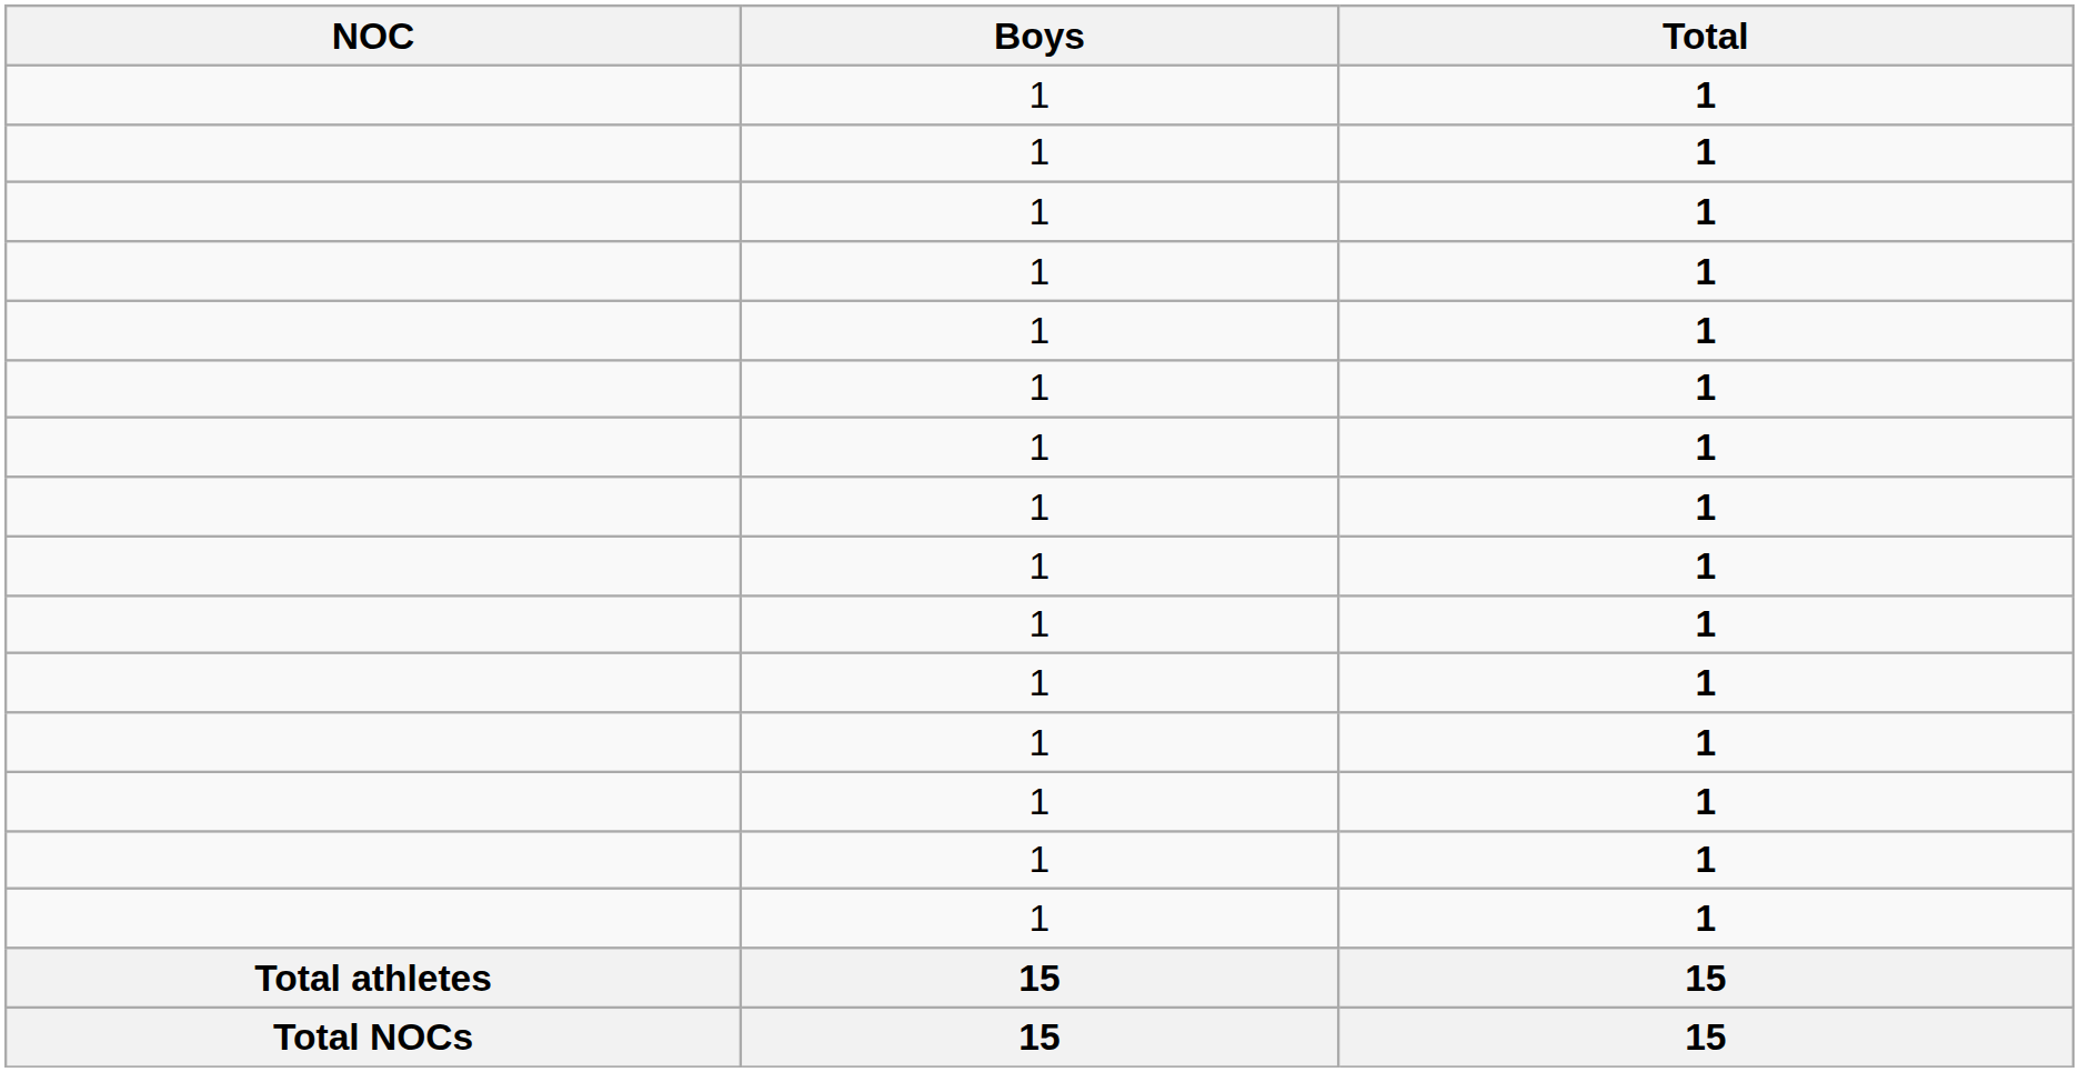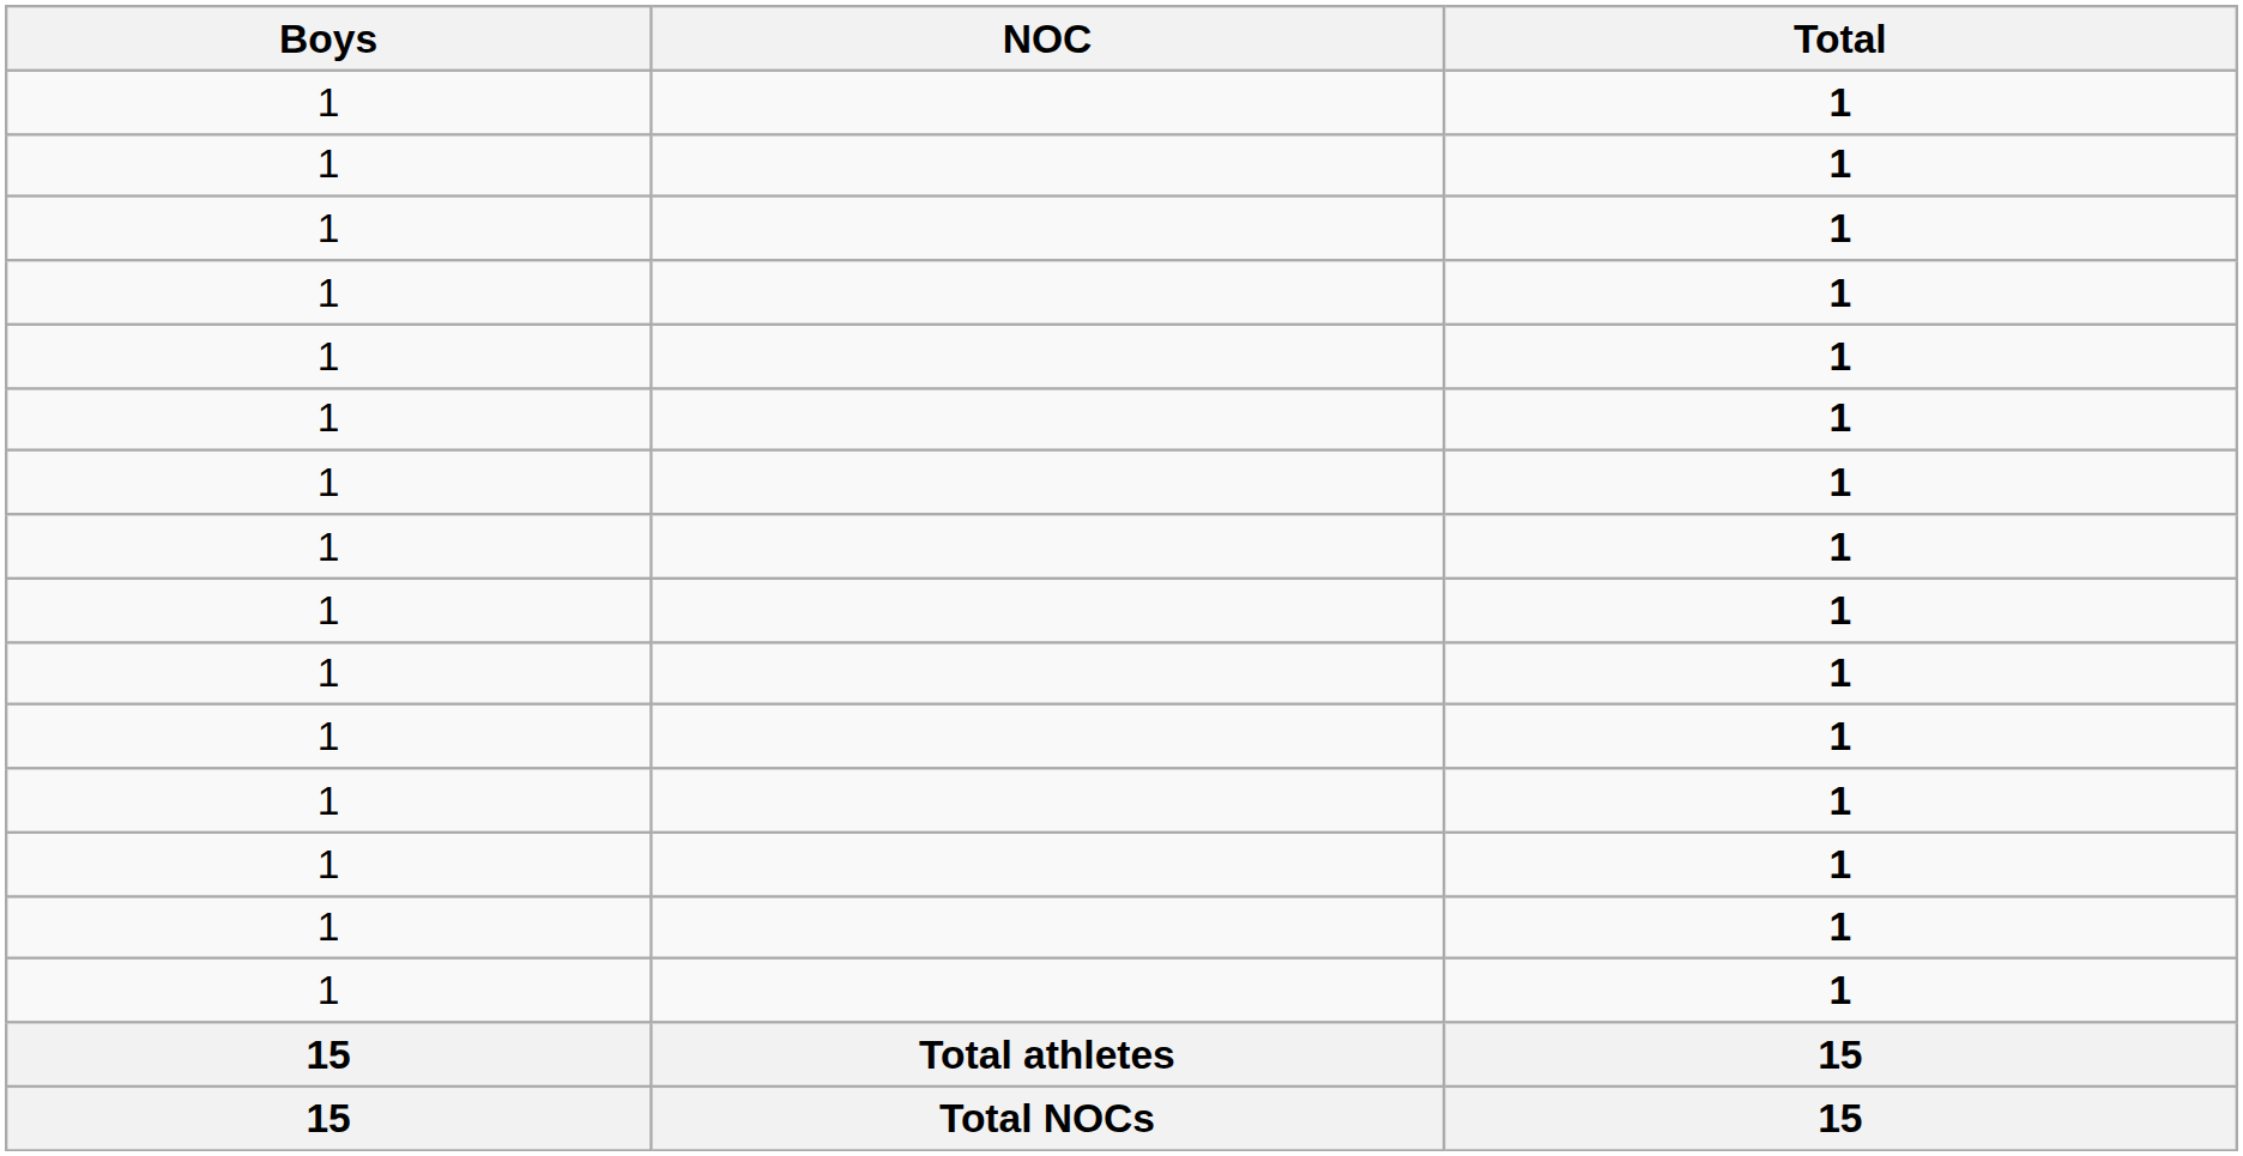 <table class="wikitable collapsible sortable"  style="width:800px; text-align:center; font-size:90%;">
 <tr>
+<th width=80><strong>Boys</strong></th>
 <th style="text-align:center; width:100px;"><strong>NOC </strong></th>
-<th width=80><strong>Boys</strong></th>
 <th width=100><strong>Total</strong></th>
 </tr>
 <tr>
+<td>1</td>
 <td style="text-align:left;"></td>
-<td>1</td>
 <td><strong>1</strong></td>
 </tr>
 <tr>
+<td>1</td>
 <td style="text-align:left;"></td>
-<td>1</td>
 <td><strong>1</strong></td>
 </tr>
 <tr>
+<td>1</td>
 <td style="text-align:left;"></td>
-<td>1</td>
 <td><strong>1</strong></td>
 </tr>
 <tr>
+<td>1</td>
 <td style="text-align:left;"></td>
-<td>1</td>
 <td><strong>1</strong></td>
 </tr>
 <tr>
+<td>1</td>
 <td style="text-align:left;"></td>
-<td>1</td>
 <td><strong>1</strong></td>
 </tr>
 <tr>
+<td>1</td>
 <td style="text-align:left;"></td>
-<td>1</td>
 <td><strong>1</strong></td>
 </tr>
 <tr>
+<td>1</td>
 <td style="text-align:left;"></td>
-<td>1</td>
 <td><strong>1</strong></td>
 </tr>
 <tr>
+<td>1</td>
 <td style="text-align:left;"></td>
-<td>1</td>
 <td><strong>1</strong></td>
 </tr>
 <tr>
+<td>1</td>
 <td style="text-align:left;"></td>
-<td>1</td>
 <td><strong>1</strong></td>
 </tr>
 <tr>
+<td>1</td>
 <td style="text-align:left;"></td>
-<td>1</td>
 <td><strong>1</strong></td>
 </tr>
 <tr>
+<td>1</td>
 <td style="text-align:left;"></td>
-<td>1</td>
 <td><strong>1</strong></td>
 </tr>
 <tr>
+<td>1</td>
 <td style="text-align:left;"></td>
-<td>1</td>
 <td><strong>1</strong></td>
 </tr>
 <tr>
+<td>1</td>
 <td style="text-align:left;"></td>
-<td>1</td>
 <td><strong>1</strong></td>
 </tr>
 <tr>
+<td>1</td>
 <td style="text-align:left;"></td>
-<td>1</td>
 <td><strong>1</strong></td>
 </tr>
 <tr>
+<td>1</td>
 <td style="text-align:left;"></td>
-<td>1</td>
 <td><strong>1</strong></td>
 </tr>
 <tr>
+<th>15</th>
 <th>Total athletes</th>
-<th>15</th>
 <th><strong>15</strong></th>
 </tr>
 <tr class="sortbottom">
+<th>15</th>
 <th>Total NOCs</th>
-<th>15</th>
 <th><strong>15</strong></th>
 </tr>
 </table>
